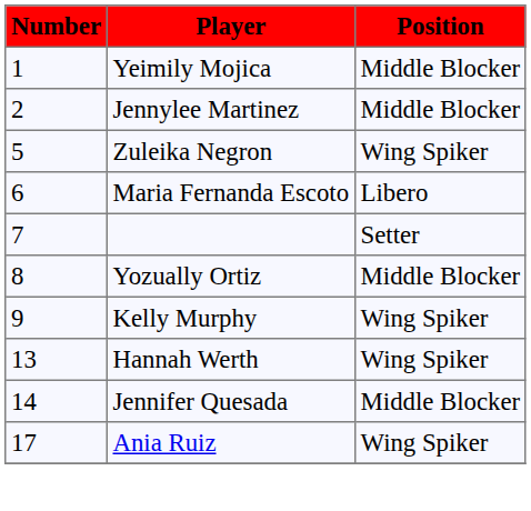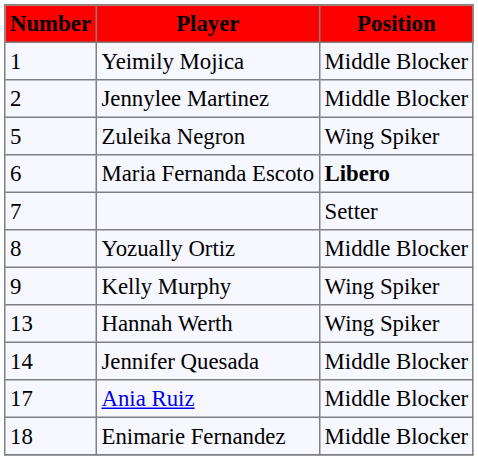 <table bgcolor="#f7f8ff" cellpadding="3" cellspacing="0" border="1" style="font-size: 95%; border: gray solid 1px; border-collapse: collapse;">
 <tr bgcolor="#ff0000">
 <td align=center><strong>Number</strong></td>
 <td align=center><strong>Player</strong></td>
 <td align=center><strong>Position</strong></td>
 </tr>
 <tr align="left">
 <td>1</td>
 <td> Yeimily Mojica</td>
 <td>Middle Blocker</td>
 </tr>
 <tr align=left>
 <td>2</td>
 <td> Jennylee Martinez</td>
 <td>Middle Blocker</td>
 </tr>
 <tr align="left">
 <td>5</td>
 <td> Zuleika Negron</td>
 <td>Wing Spiker</td>
 </tr>
 <tr align="left">
 <td>6</td>
 <td> Maria Fernanda Escoto</td>
-<td>Libero</td>
+<td><strong>Libero</strong></td>
 </tr>
 <tr align="left">
 <td>7</td>
 <td></td>
 <td>Setter</td>
 </tr>
 <tr align="left">
 <td>8</td>
 <td> Yozually Ortiz</td>
 <td>Middle Blocker</td>
 </tr>
 <tr align="left">
 <td>9</td>
 <td> Kelly Murphy</td>
 <td>Wing Spiker</td>
 </tr>
 <tr align="left">
 <td>13</td>
 <td> Hannah Werth</td>
 <td>Wing Spiker</td>
 </tr>
 <tr align="left">
 <td>14</td>
 <td> Jennifer Quesada</td>
 <td>Middle Blocker</td>
 </tr>
 <tr align="left">
 <td>17</td>
 <td> <a href='#'>Ania Ruiz</a></td>
-<td>Wing Spiker</td>
+<td>Middle Blocker</td>
+</tr>
+<tr align="left">
+<td>18</td>
+<td> Enimarie Fernandez</td>
+<td>Middle Blocker</td>
 </tr>
 <tr align="left">
 </tr>
 </table>
